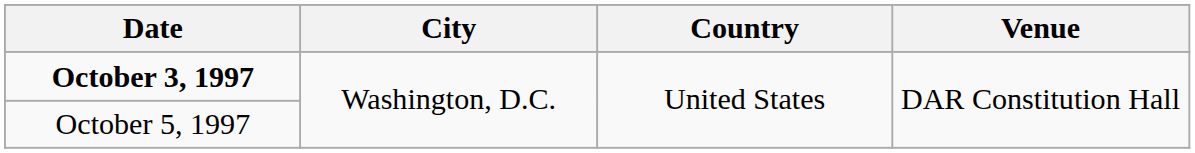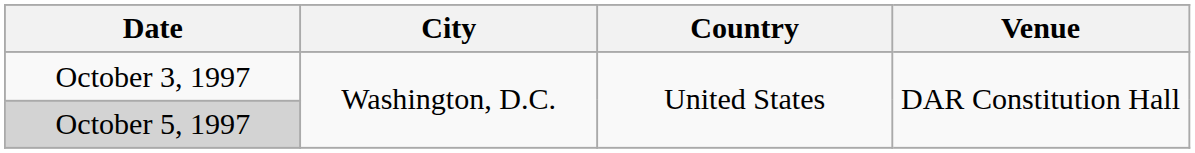 <table class="wikitable" style="text-align:center;">
 <tr>
 <th width="150">Date</th>
 <th width="150">City</th>
 <th width="150">Country</th>
 <th width="150">Venue</th>
 </tr>
 <tr>
-<td><strong>October 3, 1997</strong></td>
+<td>October 3, 1997</td>
 <td rowspan=2>Washington, D.C.</td>
 <td rowspan=2>United States</td>
 <td rowspan=2>DAR Constitution Hall</td>
 </tr>
 <tr>
-<td>October 5, 1997</td>
+<td style="background: lightgrey;">October 5, 1997</td>
 </tr>
 </table>
